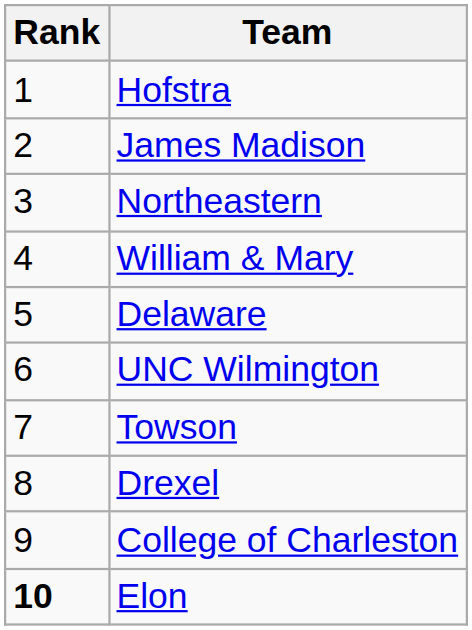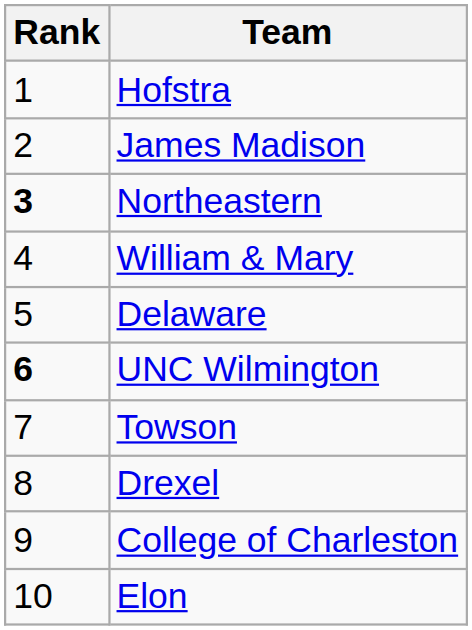 <table class=wikitable>
 <tr>
 <th>Rank</th>
 <th>Team</th>
 </tr>
 <tr>
 <td>1</td>
 <td><a href='#'>Hofstra</a></td>
 </tr>
 <tr>
 <td>2</td>
 <td><a href='#'>James Madison</a></td>
 </tr>
 <tr>
-<td>3</td>
+<td><strong>3</strong></td>
 <td><a href='#'>Northeastern</a></td>
 </tr>
 <tr>
 <td>4</td>
 <td><a href='#'>William & Mary</a></td>
 </tr>
 <tr>
 <td>5</td>
 <td><a href='#'>Delaware</a></td>
 </tr>
 <tr>
-<td>6</td>
+<td><strong>6</strong></td>
 <td><a href='#'>UNC Wilmington</a></td>
 </tr>
 <tr>
 <td>7</td>
 <td><a href='#'>Towson</a></td>
 </tr>
 <tr>
 <td>8</td>
 <td><a href='#'>Drexel</a></td>
 </tr>
 <tr>
 <td>9</td>
 <td><a href='#'>College of Charleston</a></td>
 </tr>
 <tr>
-<td><strong>10</strong></td>
+<td>10</td>
 <td><a href='#'>Elon</a></td>
 </tr>
 </table>
